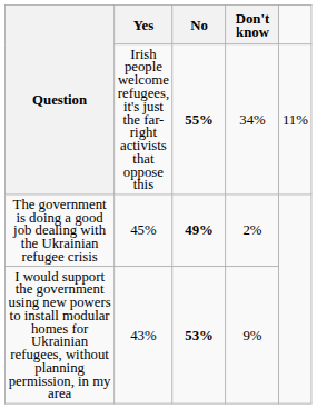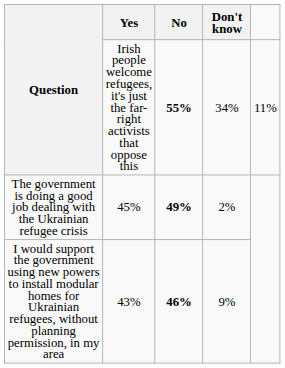 <table class="wikitable sortable collapsible" style="text-align:center;font-size:95%;line-height:14px;">
 <tr style="height:42px;">
 <th style="width:110px;" rowspan="2">Question</th>
 <th class="unsortable" style="width:50px;">Yes</th>
 <th class="unsortable" style="width:50px;">No</th>
 <th class="unsortable" style="width:50px;">Don't know</th>
 </tr>
 <tr>
 <td>Irish people welcome refugees, it's just the far-right activists that oppose this</td>
 <td><strong>55%</strong></td>
 <td>34%</td>
 <td>11%</td>
 </tr>
 <tr>
 <td>The government is doing a good job dealing with the Ukrainian refugee crisis</td>
 <td>45%</td>
 <td><strong>49%</strong></td>
 <td>2%</td>
 </tr>
 <tr>
 <td>I would support the government using new powers to install modular homes for Ukrainian refugees, without planning permission, in my area</td>
 <td>43%</td>
-<td><strong>53%</strong></td>
+<td><strong>46%</strong></td>
 <td>9%</td>
 </tr>
 </table>
